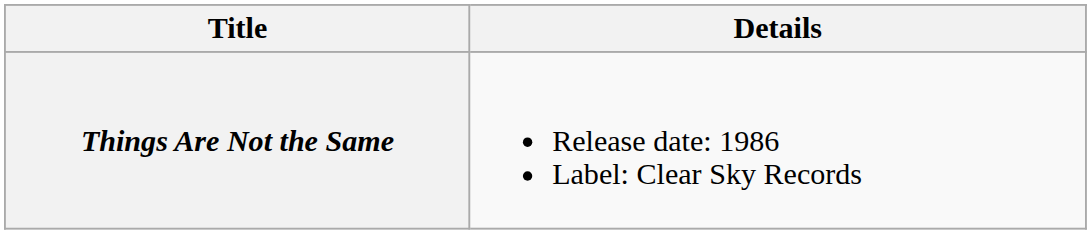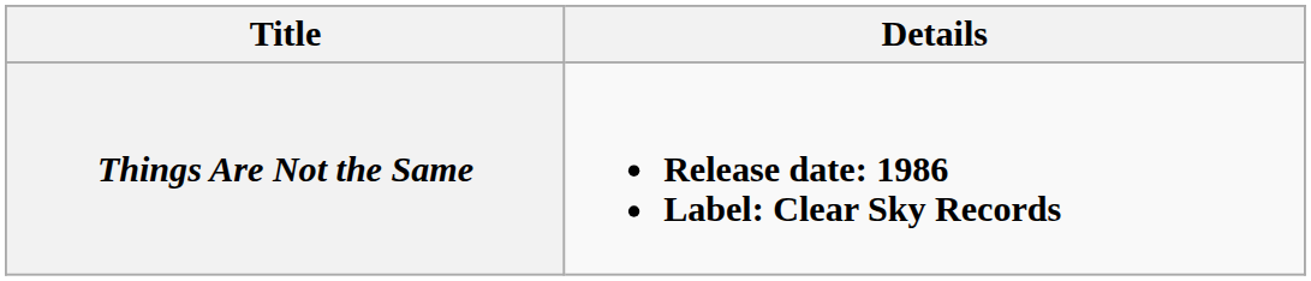 <table class="wikitable plainrowheaders">
 <tr>
 <th style="width:15em;">Title</th>
 <th style="width:20em;">Details</th>
 </tr>
 <tr>
 <th scope="row"><em>Things Are Not the Same</em></th>
-<td><br><ul><li>Release date: 1986</li><li>Label: Clear Sky Records</li></ul></td>
+<td><strong><br><ul><li>Release date: 1986</li><li>Label: Clear Sky Records</li></ul></strong></td>
 </tr>
 </table>
